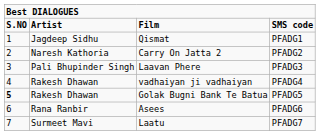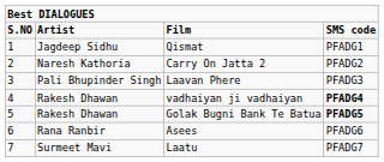 <table class="wikitable">
 <tr>
 <td colspan="4"><strong>Best DIALOGUES</strong></td>
 </tr>
 <tr>
 <td><strong>S.NO</strong></td>
 <td><strong>Artist</strong></td>
 <td><strong>Film</strong></td>
 <td><strong>SMS code</strong></td>
 </tr>
 <tr>
 <td>1</td>
 <td>Jagdeep Sidhu</td>
 <td>Qismat</td>
 <td>PFADG1</td>
 </tr>
 <tr>
 <td>2</td>
 <td>Naresh Kathoria</td>
 <td>Carry On Jatta 2</td>
 <td>PFADG2</td>
 </tr>
 <tr>
 <td>3</td>
 <td>Pali Bhupinder Singh</td>
 <td>Laavan Phere</td>
 <td>PFADG3</td>
 </tr>
 <tr>
 <td>4</td>
 <td>Rakesh Dhawan</td>
 <td>vadhaiyan ji vadhaiyan</td>
-<td>PFADG4</td>
+<td><strong>PFADG4</strong></td>
 </tr>
 <tr>
-<td><strong>5</strong></td>
+<td>5</td>
 <td>Rakesh Dhawan</td>
 <td>Golak Bugni Bank Te Batua</td>
-<td>PFADG5</td>
+<td><strong>PFADG5</strong></td>
 </tr>
 <tr>
 <td>6</td>
 <td>Rana Ranbir</td>
 <td>Asees</td>
 <td>PFADG6</td>
 </tr>
 <tr>
 <td>7</td>
 <td>Surmeet Mavi</td>
 <td>Laatu</td>
 <td>PFADG7</td>
 </tr>
 </table>
